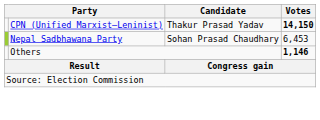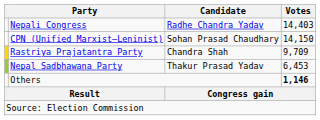 <table class="wikitable">
 <tr>
 <th colspan="2">Party</th>
 <th>Candidate</th>
 <th>Votes</th>
 </tr>
 <tr>
 <td style="background-color:"></td>
+<td><a href='#'>Nepali Congress</a></td>
+<td><a href='#'>Radhe Chandra Yadav</a></td>
+<td>14,403</td>
+</tr>
+<tr>
+<td style="background-color:"></td>
 <td><a href='#'>CPN (Unified Marxist–Leninist)</a></td>
-<td>Thakur Prasad Yadav</td>
-<td><strong>14,150</strong></td>
+<td>Sohan Prasad Chaudhary</td>
+<td>14,150</td>
+</tr>
+<tr>
+<td style="background-color:gold"></td>
+<td><a href='#'>Rastriya Prajatantra Party</a></td>
+<td>Chandra Shah</td>
+<td>9,709</td>
 </tr>
 <tr>
 <td style="background-color:yellowgreen"></td>
 <td><a href='#'>Nepal Sadbhawana Party</a></td>
-<td>Sohan Prasad Chaudhary</td>
+<td>Thakur Prasad Yadav</td>
 <td>6,453</td>
 </tr>
 <tr>
 <td></td>
 <td colspan="2">Others</td>
 <td><strong>1,146</strong></td>
 </tr>
 <tr>
 <th colspan="2">Result</th>
 <th colspan="2">Congress gain</th>
 </tr>
 <tr>
 <td colspan="4">Source: Election Commission</td>
 </tr>
 </table>
